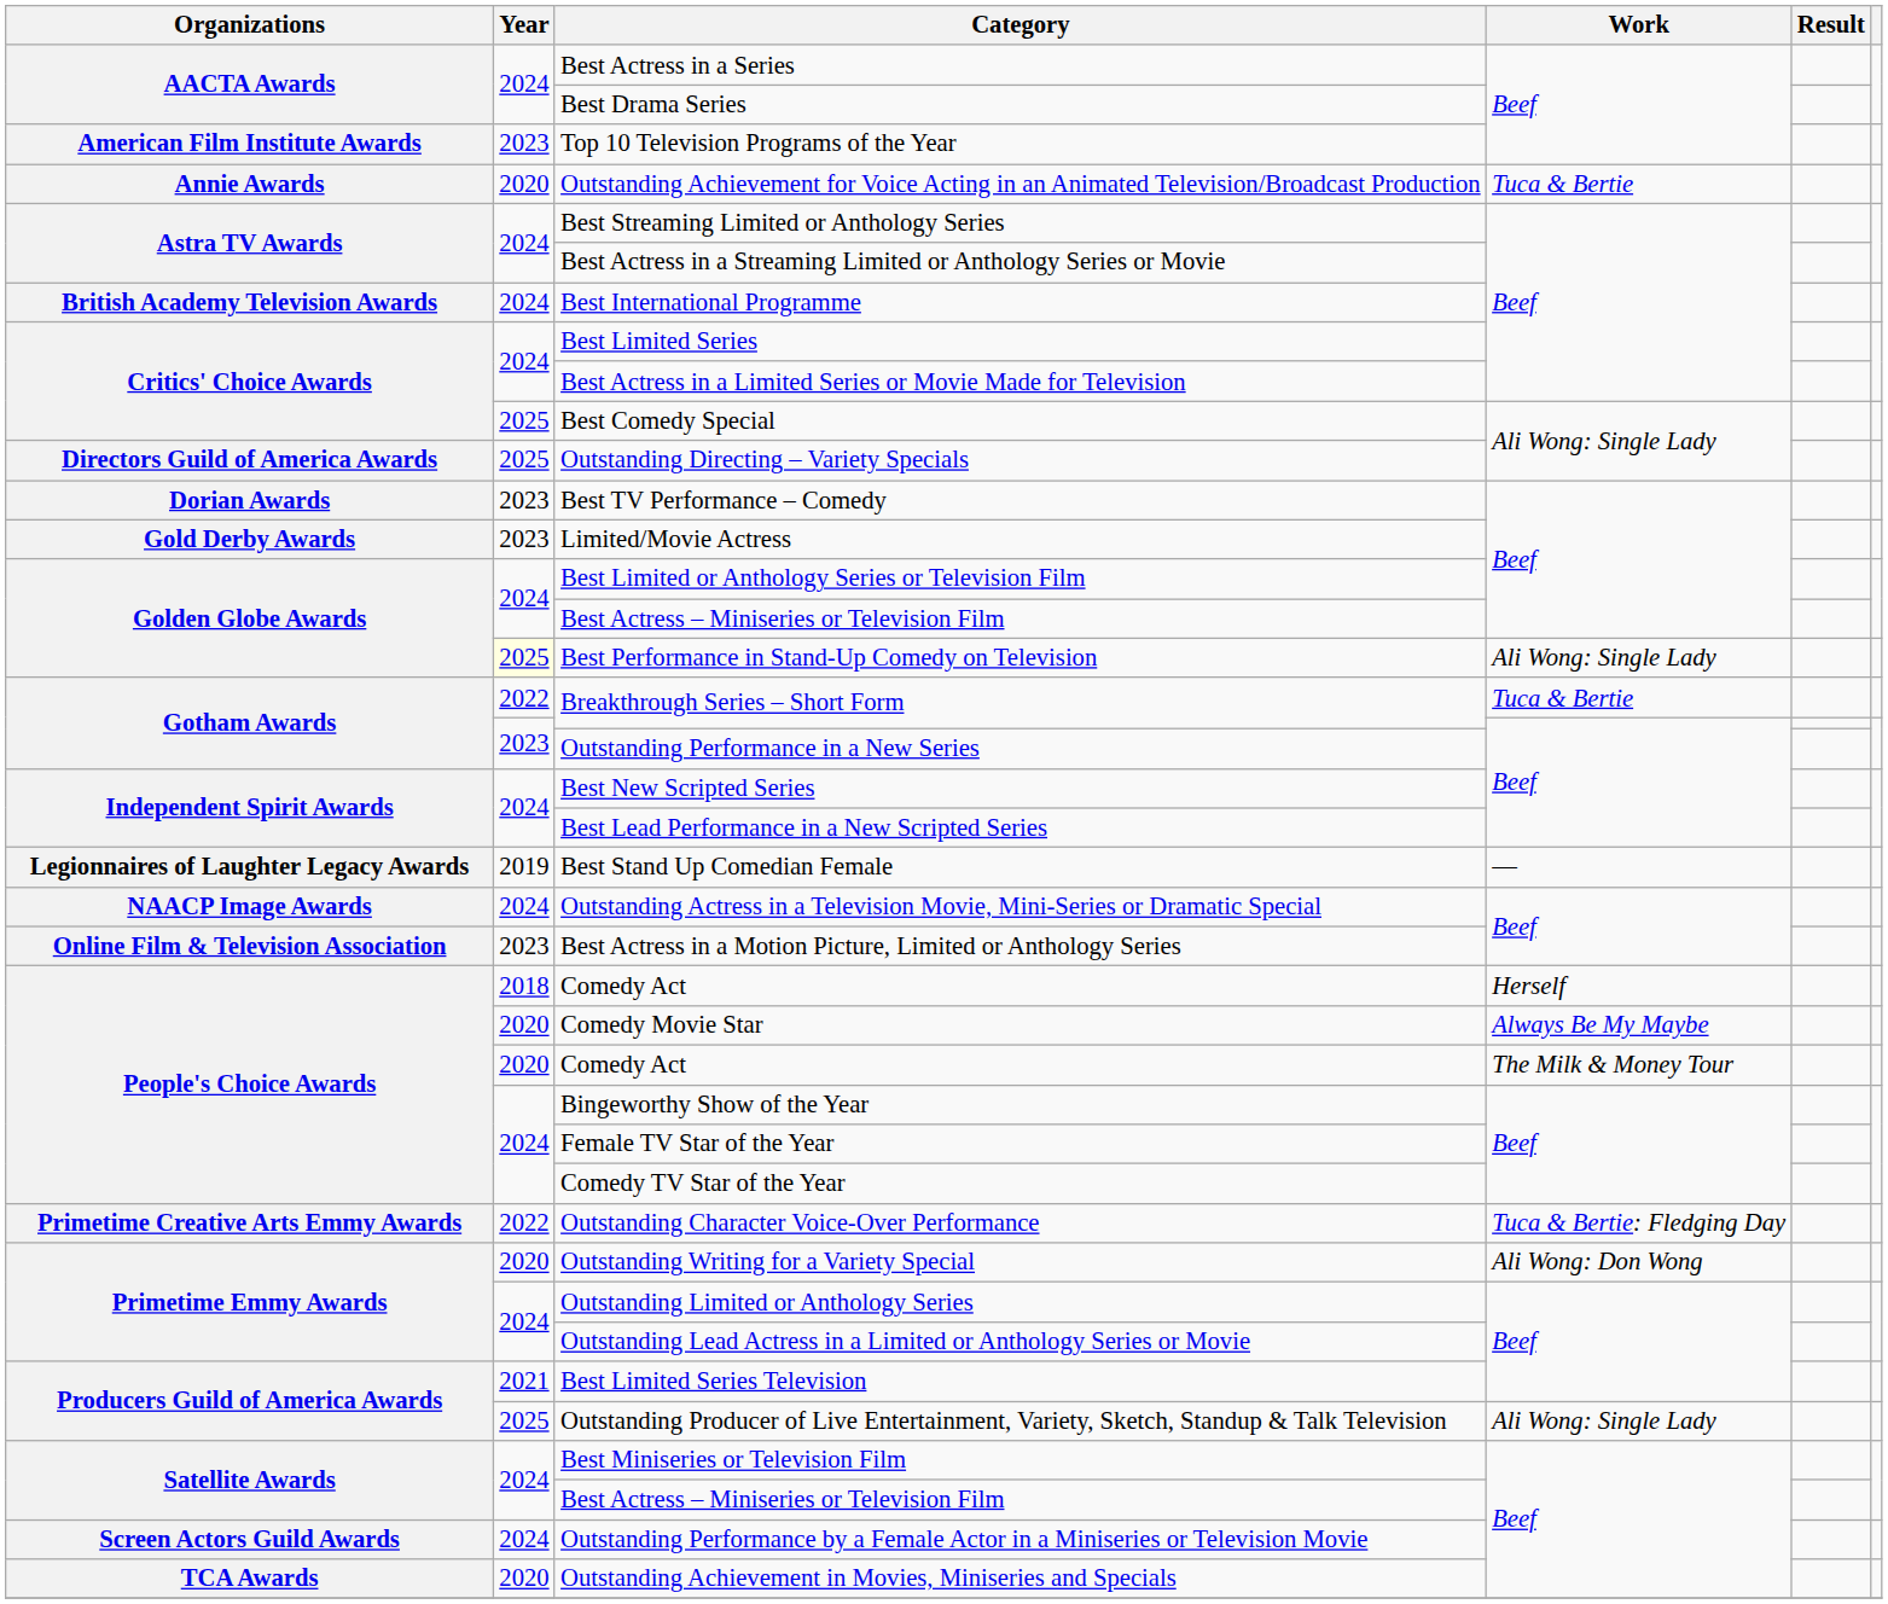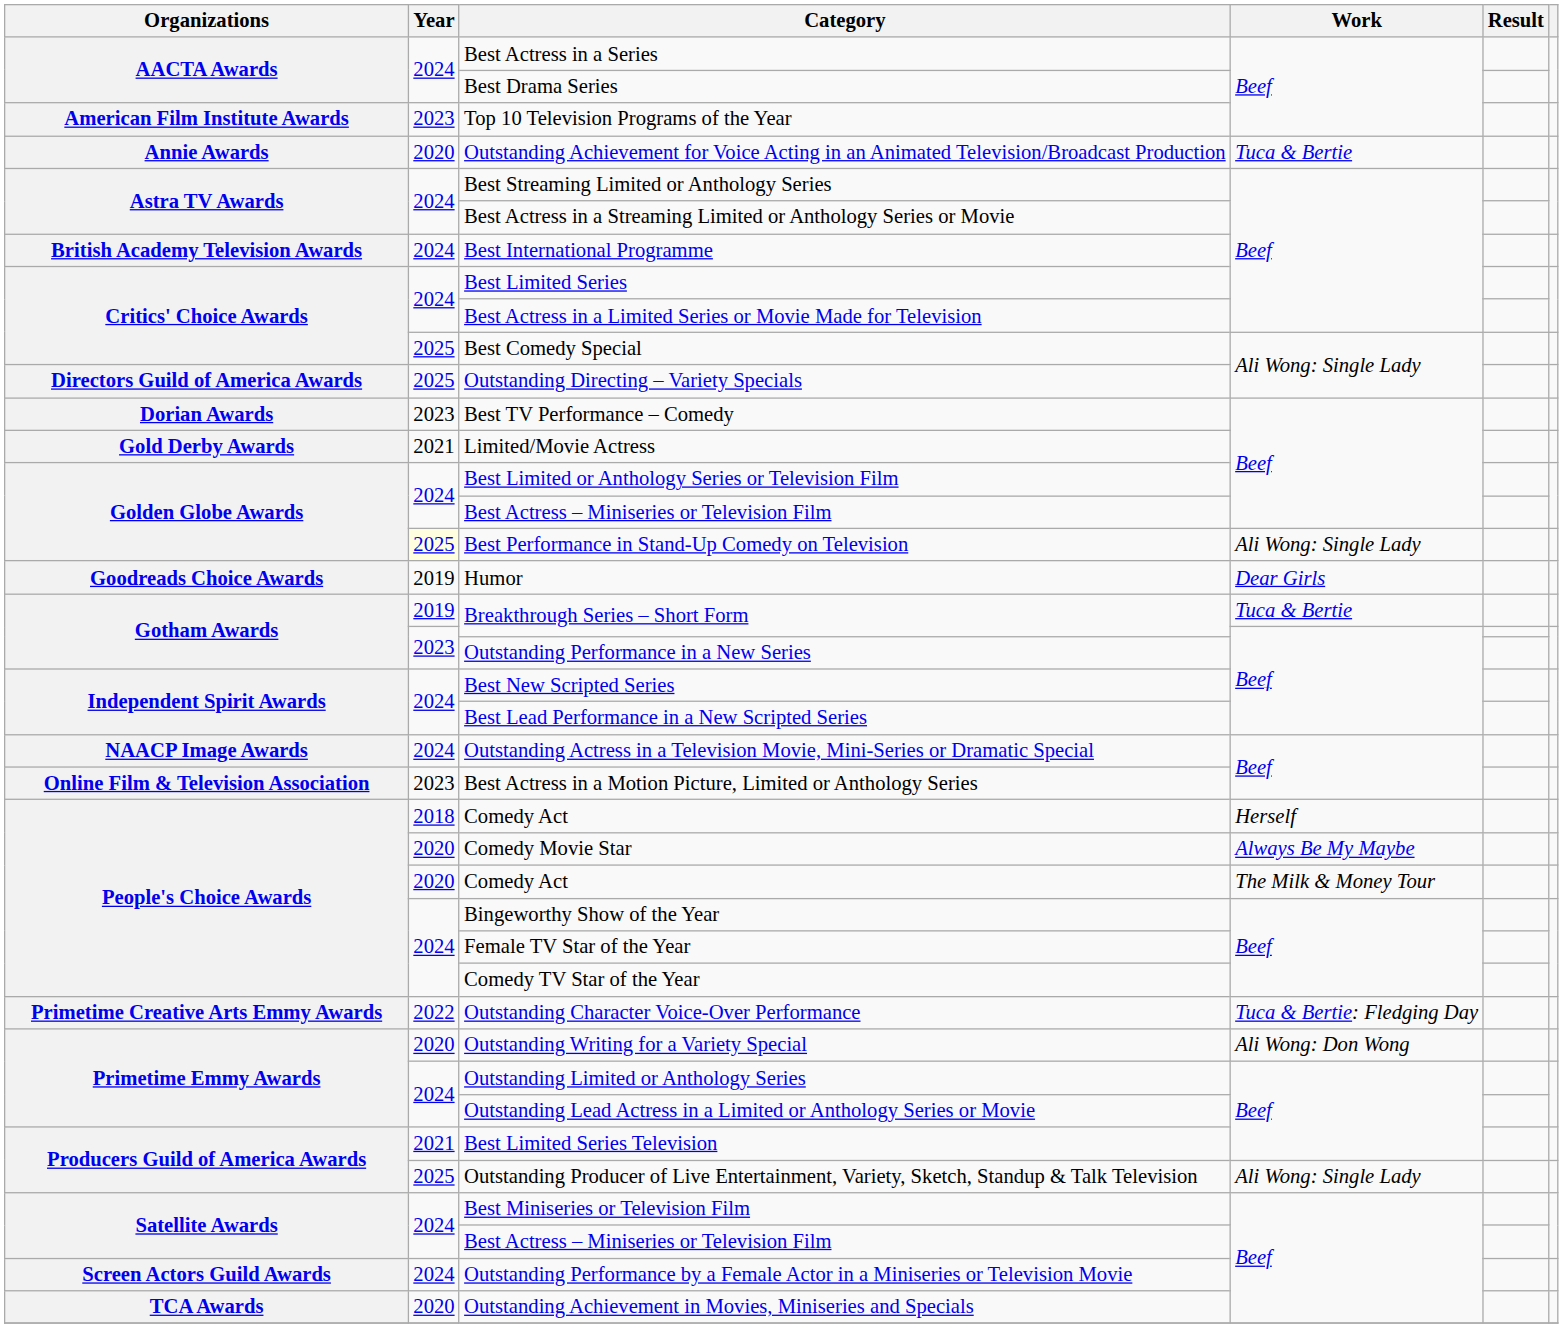 <table class= "wikitable plainrowheaders sortable">
 <tr>
 <th scope="col" Width=26%>Organizations</th>
 <th scope="col">Year</th>
 <th scope="col">Category</th>
 <th scope="col">Work</th>
 <th scope="col">Result</th>
 <th scope="col" class="unsortable"></th>
 </tr>
 <tr>
 <th scope="row" rowspan="2"><a href='#'>AACTA Awards</a></th>
 <td align="center" rowspan="2"><a href='#'>2024</a></td>
 <td>Best Actress in a Series</td>
 <td rowspan="3"><em><a href='#'>Beef</a></em></td>
 <td></td>
 <td align="center" rowspan="2"></td>
 </tr>
 <tr>
 <td>Best Drama Series</td>
 <td></td>
 </tr>
 <tr>
 <th scope="row"><a href='#'>American Film Institute Awards</a></th>
 <td align="center"><a href='#'>2023</a></td>
 <td>Top 10 Television Programs of the Year</td>
 <td></td>
 <td align="center"></td>
 </tr>
 <tr>
 <th scope="row"><a href='#'>Annie Awards</a></th>
 <td align="center"><a href='#'>2020</a></td>
 <td><a href='#'>Outstanding Achievement for Voice Acting in an Animated Television/Broadcast Production</a></td>
 <td><em><a href='#'>Tuca & Bertie</a></em></td>
 <td></td>
 <td align="center"></td>
 </tr>
 <tr>
 <th scope="row" rowspan="2"><a href='#'>Astra TV Awards</a></th>
 <td align="center" rowspan="2"><a href='#'>2024</a></td>
 <td>Best Streaming Limited or Anthology Series</td>
 <td rowspan="5"><em><a href='#'>Beef</a></em></td>
 <td></td>
 <td align="center" rowspan="2"></td>
 </tr>
 <tr>
 <td>Best Actress in a Streaming Limited or Anthology Series or Movie</td>
 <td></td>
 </tr>
 <tr>
 <th scope="row"><a href='#'>British Academy Television Awards</a></th>
 <td align="center"><a href='#'>2024</a></td>
 <td><a href='#'>Best International Programme</a></td>
 <td></td>
 <td align="center"></td>
 </tr>
 <tr>
 <th scope="row" rowspan="3"><a href='#'>Critics' Choice Awards</a></th>
 <td align="center" rowspan="2"><a href='#'>2024</a></td>
 <td><a href='#'>Best Limited Series</a></td>
 <td></td>
 <td align="center" rowspan="2"></td>
 </tr>
 <tr>
 <td><a href='#'>Best Actress in a Limited Series or Movie Made for Television</a></td>
 <td></td>
 </tr>
 <tr>
 <td align="center"><a href='#'>2025</a></td>
 <td>Best Comedy Special</td>
 <td rowspan="2"><em>Ali Wong: Single Lady</em></td>
 <td></td>
 <td align="center"></td>
 </tr>
 <tr>
 <th scope="row"><a href='#'>Directors Guild of America Awards</a></th>
 <td align="center"><a href='#'>2025</a></td>
 <td><a href='#'>Outstanding Directing – Variety Specials</a></td>
 <td></td>
 <td align="center"></td>
 </tr>
 <tr>
 <th scope="row"><a href='#'>Dorian Awards</a></th>
 <td align="center">2023</td>
 <td>Best TV Performance – Comedy</td>
 <td rowspan="4"><em><a href='#'>Beef</a></em></td>
 <td></td>
 <td align="center"></td>
 </tr>
 <tr>
 <th scope="row"><a href='#'>Gold Derby Awards</a></th>
-<td align="center">2023</td>
+<td align="center">2021</td>
 <td>Limited/Movie Actress</td>
 <td></td>
 <td align="center"></td>
 </tr>
 <tr>
 <th rowspan="3" scope="row"><a href='#'>Golden Globe Awards</a></th>
 <td align="center" rowspan="2"><a href='#'>2024</a></td>
 <td><a href='#'>Best Limited or Anthology Series or Television Film</a></td>
 <td></td>
 <td align="center" rowspan="2"></td>
 </tr>
 <tr>
 <td><a href='#'>Best Actress – Miniseries or Television Film</a></td>
 <td></td>
 </tr>
 <tr>
 <td align="center" style="background: lightyellow;"><a href='#'>2025</a></td>
 <td><a href='#'>Best Performance in Stand-Up Comedy on Television</a></td>
 <td><em>Ali Wong: Single Lady</em></td>
 <td></td>
 <td align="center"></td>
 </tr>
 <tr>
+<th scope="row"><a href='#'>Goodreads Choice Awards</a></th>
+<td align="center">2019</td>
+<td>Humor</td>
+<td><em><a href='#'>Dear Girls</a></em></td>
+<td></td>
+<td align="center"></td>
+</tr>
+<tr>
 <th scope="row" rowspan="3"><a href='#'>Gotham Awards</a></th>
-<td align="center"><a href='#'>2022</a></td>
+<td align="center"><a href='#'>2019</a></td>
 <td rowspan="2"><a href='#'>Breakthrough Series – Short Form</a></td>
 <td><em><a href='#'>Tuca & Bertie</a></em></td>
 <td></td>
 <td align="center"></td>
 </tr>
 <tr>
 <td align="center" rowspan="2"><a href='#'>2023</a></td>
 <td rowspan="4"><em><a href='#'>Beef</a></em></td>
 <td></td>
 <td align="center" rowspan="2"></td>
 </tr>
 <tr>
 <td><a href='#'>Outstanding Performance in a New Series</a></td>
 <td></td>
 </tr>
 <tr>
 <th scope="row" rowspan="2"><a href='#'>Independent Spirit Awards</a></th>
 <td align="center" rowspan="2"><a href='#'>2024</a></td>
 <td><a href='#'>Best New Scripted Series</a></td>
 <td></td>
 <td align="center" rowspan="2"></td>
 </tr>
 <tr>
 <td><a href='#'>Best Lead Performance in a New Scripted Series</a></td>
 <td></td>
-</tr>
-<tr>
-<th scope="row">Legionnaires of Laughter Legacy Awards</th>
-<td align="center">2019</td>
-<td>Best Stand Up Comedian Female</td>
-<td>—</td>
-<td></td>
-<td align="center"></td>
 </tr>
 <tr>
 <th scope="row"><a href='#'>NAACP Image Awards</a></th>
 <td align="center"><a href='#'>2024</a></td>
 <td><a href='#'>Outstanding Actress in a Television Movie, Mini-Series or Dramatic Special</a></td>
 <td rowspan="2"><em><a href='#'>Beef</a></em></td>
 <td></td>
 <td align="center"></td>
 </tr>
 <tr>
 <th scope="row"><a href='#'>Online Film & Television Association</a></th>
 <td align="center">2023</td>
 <td>Best Actress in a Motion Picture, Limited or Anthology Series</td>
 <td></td>
 <td align="center"></td>
 </tr>
 <tr>
 <th scope="row" rowspan="6"><a href='#'>People's Choice Awards</a></th>
 <td align="center"><a href='#'>2018</a></td>
 <td>Comedy Act</td>
 <td><em>Herself</em></td>
 <td></td>
 <td align="center"></td>
 </tr>
 <tr>
 <td align="center"><a href='#'>2020</a></td>
 <td>Comedy Movie Star</td>
 <td><em><a href='#'>Always Be My Maybe</a></em></td>
 <td></td>
 <td align="center"></td>
 </tr>
 <tr>
 <td align="center"><a href='#'>2020</a></td>
 <td>Comedy Act</td>
 <td><em>The Milk & Money Tour</em></td>
 <td></td>
 <td align="center"></td>
 </tr>
 <tr>
 <td align="center" rowspan="3"><a href='#'>2024</a></td>
 <td>Bingeworthy Show of the Year</td>
 <td rowspan="3"><em><a href='#'>Beef</a></em></td>
 <td></td>
 <td align="center" rowspan="3"></td>
 </tr>
 <tr>
 <td>Female TV Star of the Year</td>
 <td></td>
 </tr>
 <tr>
 <td>Comedy TV Star of the Year</td>
 <td></td>
 </tr>
 <tr>
 <th scope="row"><a href='#'>Primetime Creative Arts Emmy Awards</a></th>
 <td align="center"><a href='#'>2022</a></td>
 <td><a href='#'>Outstanding Character Voice-Over Performance</a></td>
 <td><em><a href='#'>Tuca & Bertie</a>: Fledging Day</em></td>
 <td></td>
 <td align="center"></td>
 </tr>
 <tr>
 <th scope="row" rowspan="3"><a href='#'>Primetime Emmy Awards</a></th>
 <td align="center"><a href='#'>2020</a></td>
 <td><a href='#'>Outstanding Writing for a Variety Special</a></td>
 <td><em>Ali Wong: Don Wong</em></td>
 <td></td>
 <td align="center"></td>
 </tr>
 <tr>
 <td align="center" rowspan="2"><a href='#'>2024</a></td>
 <td><a href='#'>Outstanding Limited or Anthology Series</a></td>
 <td rowspan="3"><em><a href='#'>Beef</a></em></td>
 <td></td>
 <td align="center" rowspan="2"></td>
 </tr>
 <tr>
 <td><a href='#'>Outstanding Lead Actress in a Limited or Anthology Series or Movie</a></td>
 <td></td>
 </tr>
 <tr>
 <th scope="row" rowspan="2"><a href='#'>Producers Guild of America Awards</a></th>
 <td align="center"><a href='#'>2021</a></td>
 <td><a href='#'>Best Limited Series Television</a></td>
 <td></td>
 <td align="center"></td>
 </tr>
 <tr>
 <td align="center"><a href='#'>2025</a></td>
 <td>Outstanding Producer of Live Entertainment, Variety, Sketch, Standup & Talk Television</td>
 <td><em>Ali Wong: Single Lady</em></td>
 <td></td>
 <td align="center"></td>
 </tr>
 <tr>
 <th scope="row" rowspan="2"><a href='#'>Satellite Awards</a></th>
 <td align="center" rowspan="2"><a href='#'>2024</a></td>
 <td><a href='#'>Best Miniseries or Television Film</a></td>
 <td rowspan="4"><em><a href='#'>Beef</a></em></td>
 <td></td>
 <td align="center" rowspan="2"></td>
 </tr>
 <tr>
 <td><a href='#'>Best Actress – Miniseries or Television Film</a></td>
 <td></td>
 </tr>
 <tr>
 <th scope="row"><a href='#'>Screen Actors Guild Awards</a></th>
 <td align="center"><a href='#'>2024</a></td>
 <td><a href='#'>Outstanding Performance by a Female Actor in a Miniseries or Television Movie</a></td>
 <td></td>
 <td align="center"></td>
 </tr>
 <tr>
 <th scope="row"><a href='#'>TCA Awards</a></th>
 <td align="center"><a href='#'>2020</a></td>
 <td><a href='#'>Outstanding Achievement in Movies, Miniseries and Specials</a></td>
 <td></td>
 <td align="center"></td>
 </tr>
 <tr>
 </tr>
 </table>
